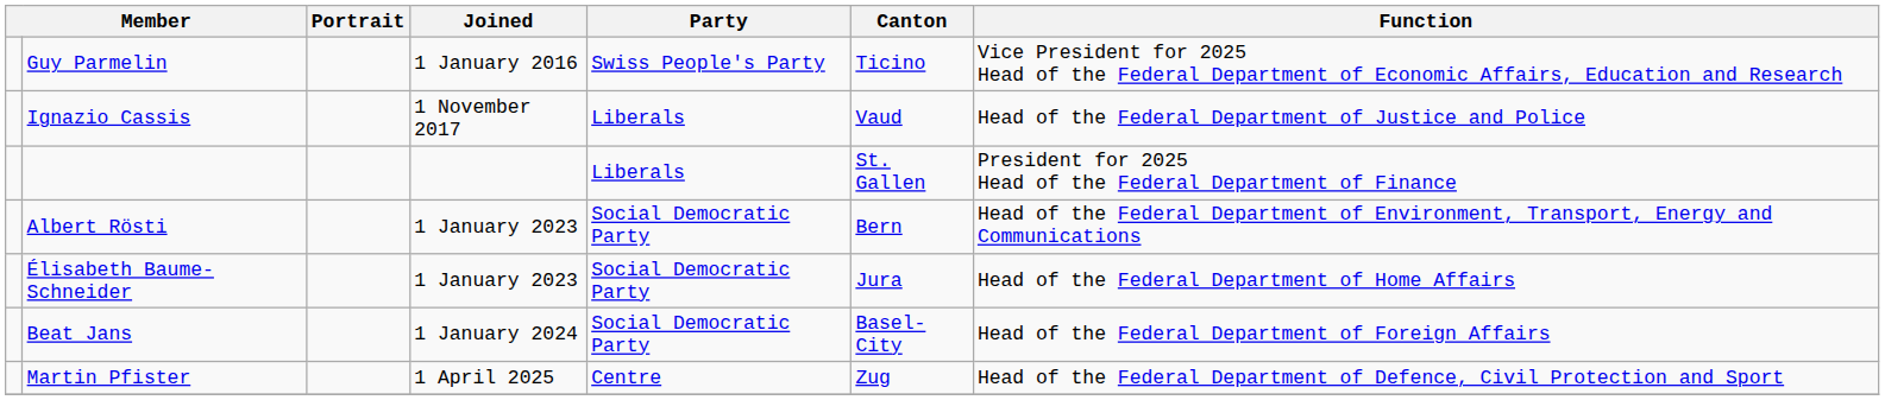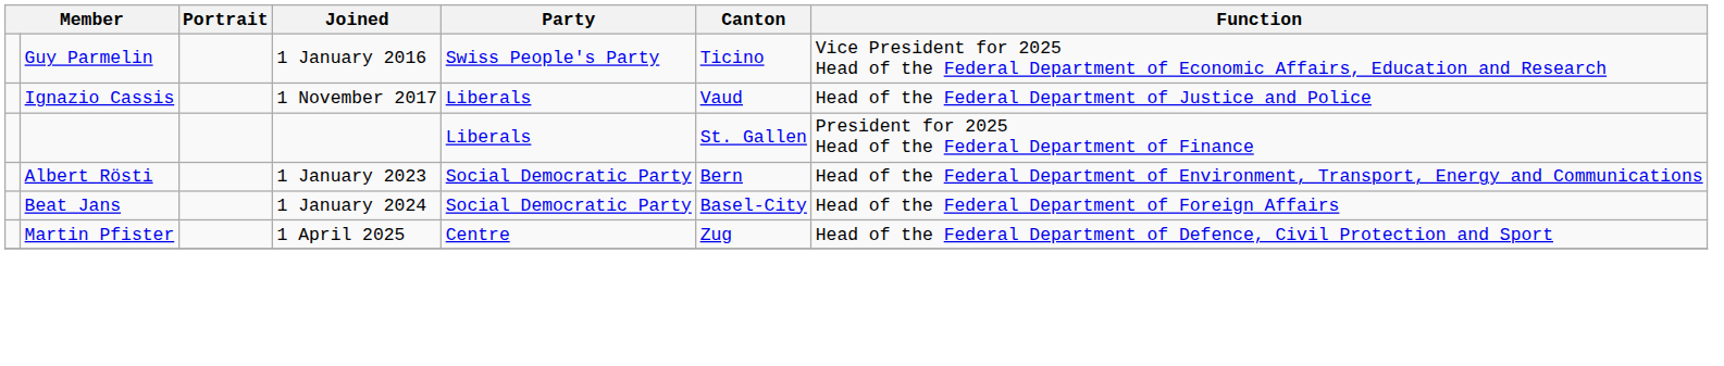 <table class="wikitable">
 <tr>
 <th colspan=2>Member</th>
 <th>Portrait</th>
 <th>Joined</th>
 <th>Party</th>
 <th>Canton</th>
 <th>Function</th>
 </tr>
 <tr>
 <td style="background-color: "></td>
 <td><a href='#'>Guy Parmelin</a></td>
 <td></td>
 <td>1 January 2016</td>
 <td><a href='#'>Swiss People's Party</a></td>
 <td> <a href='#'>Ticino</a></td>
 <td>Vice President for 2025<br>Head of the <a href='#'>Federal Department of Economic Affairs, Education and Research</a></td>
 </tr>
 <tr>
 <td style="background-color: "></td>
 <td><a href='#'>Ignazio Cassis</a></td>
 <td></td>
 <td>1 November 2017</td>
 <td><a href='#'>Liberals</a></td>
 <td> <a href='#'>Vaud</a></td>
 <td>Head of the <a href='#'>Federal Department of Justice and Police</a></td>
 </tr>
 <tr>
 <td style="background-color: "></td>
 <td></td>
 <td></td>
 <td></td>
 <td><a href='#'>Liberals</a></td>
 <td> <a href='#'>St. Gallen</a></td>
 <td>President for 2025<br>Head of the <a href='#'>Federal Department of Finance</a></td>
 </tr>
 <tr>
 <td style="background-color: "></td>
 <td><a href='#'>Albert Rösti</a></td>
 <td></td>
 <td>1 January 2023</td>
 <td><a href='#'>Social Democratic Party</a></td>
 <td> <a href='#'>Bern</a></td>
 <td>Head of the <a href='#'>Federal Department of Environment, Transport, Energy and Communications</a></td>
 </tr>
 <tr>
-<td style="background-color: "></td>
-<td><a href='#'>Élisabeth Baume-Schneider</a></td>
-<td></td>
-<td>1 January 2023</td>
-<td><a href='#'>Social Democratic Party</a></td>
-<td> <a href='#'>Jura</a></td>
-<td>Head of the <a href='#'>Federal Department of Home Affairs</a></td>
-</tr>
-<tr>
 <td width=5px style="background-color: "></td>
 <td><a href='#'>Beat Jans</a></td>
 <td></td>
 <td>1 January 2024</td>
 <td><a href='#'>Social Democratic Party</a></td>
 <td> <a href='#'>Basel-City</a></td>
 <td>Head of the <a href='#'>Federal Department of Foreign Affairs</a></td>
 </tr>
 <tr>
 <td style="background-color: "></td>
 <td><a href='#'>Martin Pfister</a></td>
 <td></td>
 <td>1 April 2025</td>
 <td><a href='#'>Centre</a></td>
 <td> <a href='#'>Zug</a></td>
 <td>Head of the <a href='#'>Federal Department of Defence, Civil Protection and Sport</a></td>
 </tr>
 <tr>
 </tr>
 </table>
